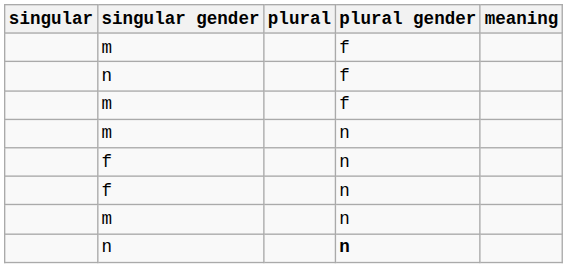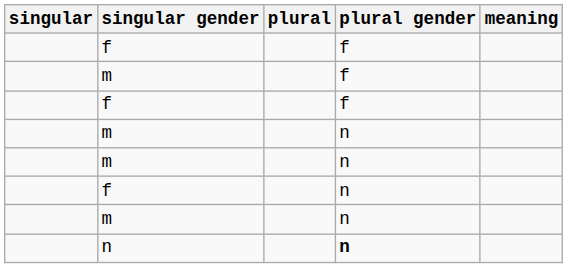 <table class='wikitable'>
 <tr>
 <th>singular</th>
 <th>singular gender</th>
 <th>plural</th>
 <th>plural gender</th>
 <th>meaning</th>
 </tr>
 <tr>
 <td></td>
-<td>m</td>
-<td></td>
 <td>f</td>
-<td></td>
-</tr>
-<tr>
-<td></td>
-<td>n</td>
 <td></td>
 <td>f</td>
 <td></td>
 </tr>
 <tr>
 <td></td>
 <td>m</td>
 <td></td>
 <td>f</td>
 <td></td>
 </tr>
 <tr>
 <td></td>
+<td>f</td>
+<td></td>
+<td>f</td>
+<td></td>
+</tr>
+<tr>
+<td></td>
 <td>m</td>
 <td></td>
 <td>n</td>
 <td></td>
 </tr>
 <tr>
 <td></td>
-<td>f</td>
+<td>m</td>
 <td></td>
 <td>n</td>
 <td></td>
 </tr>
 <tr>
 <td></td>
 <td>f</td>
 <td></td>
 <td>n</td>
 <td></td>
 </tr>
 <tr>
 <td></td>
 <td>m</td>
 <td></td>
 <td>n</td>
 <td></td>
 </tr>
 <tr>
 <td></td>
 <td>n</td>
 <td></td>
 <td><strong>n</strong></td>
 <td></td>
 </tr>
 </table>
